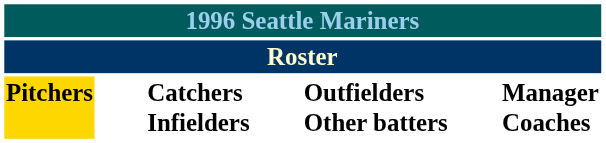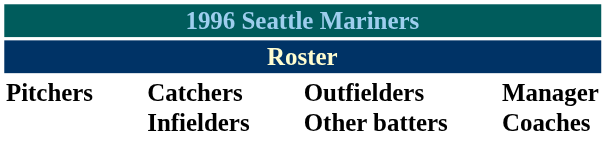 <table class="toccolours" style="font-size: 95%;">
 <tr>
 <th colspan="10" style="background-color: #005c5c; color:#9ECEEE; text-align: center;">1996 Seattle Mariners</th>
 </tr>
 <tr>
 <td colspan="10" style="background-color: #003366; color: #FFFDD0; text-align: center;"><strong>Roster</strong></td>
 </tr>
 <tr>
-<td valign="top" style="background: gold;"><strong>Pitchers</strong><br>                        </td>
+<td valign="top"><strong>Pitchers</strong><br>                        </td>
 <td width="25px"></td>
 <td valign="top"><strong>Catchers</strong><br>   <strong>Infielders</strong>             </td>
 <td width="25px"></td>
 <td valign="top"><strong>Outfielders</strong><br>       <strong>Other batters</strong> </td>
 <td width="25px"></td>
 <td valign="top"><strong>Manager</strong><br> <strong>Coaches</strong>      </td>
 </tr>
 </table>
